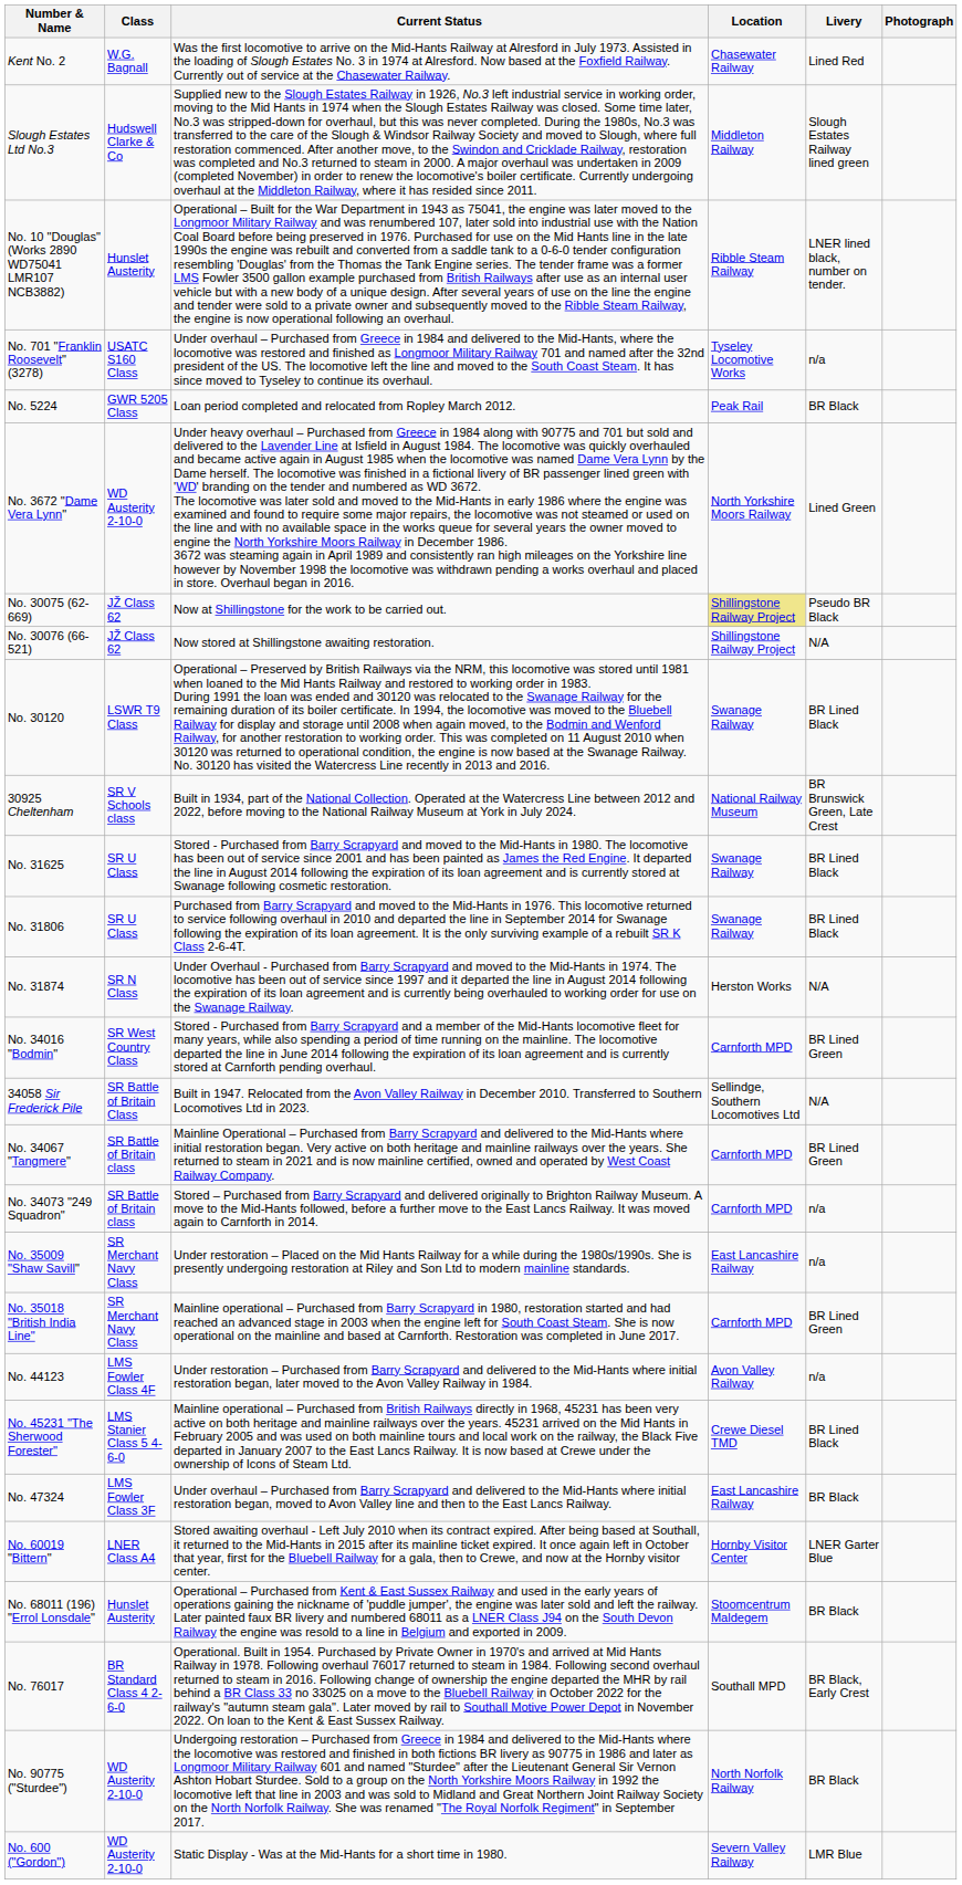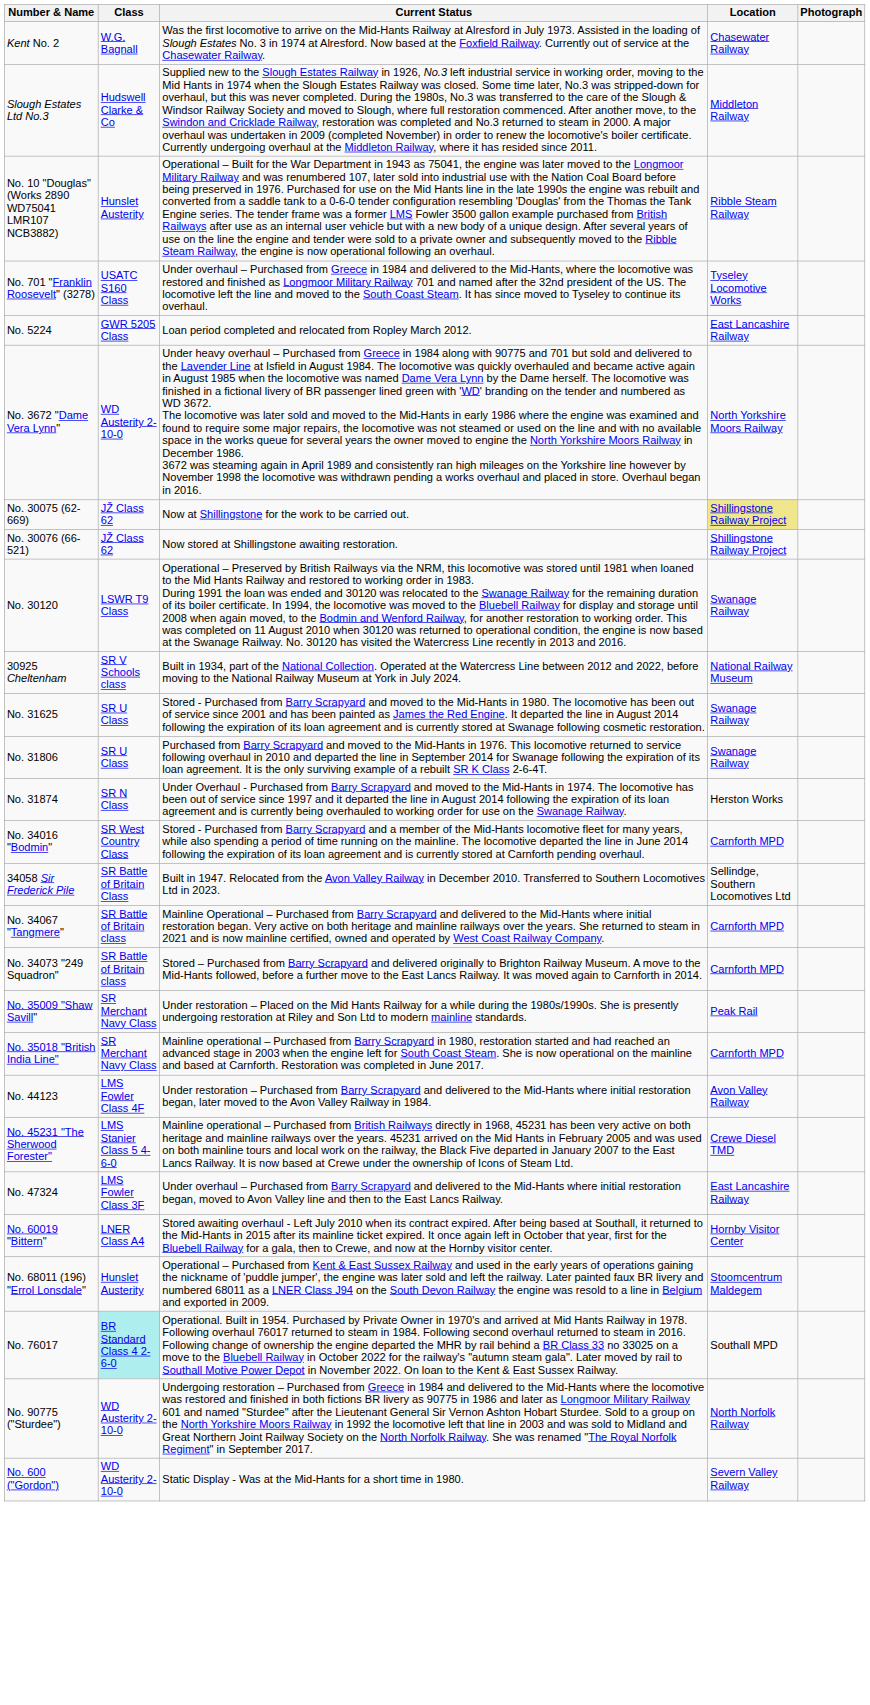 <table class="wikitable">
 <tr>
 <th>Number & Name</th>
 <th>Class</th>
 <th>Current Status</th>
 <th>Location</th>
-<th>Livery</th>
 <th>Photograph</th>
 </tr>
 <tr>
 <td><em>Kent</em> No. 2</td>
 <td><a href='#'>W.G. Bagnall</a> </td>
 <td>Was the first locomotive to arrive on the Mid-Hants Railway at Alresford in July 1973. Assisted in the loading of <em>Slough Estates</em> No. 3 in 1974 at Alresford. Now based at the <a href='#'>Foxfield Railway</a>. Currently out of service at the <a href='#'>Chasewater Railway</a>.</td>
 <td><a href='#'>Chasewater Railway</a></td>
-<td>Lined Red</td>
 <td></td>
 </tr>
 <tr>
 <td><em>Slough Estates Ltd No.3</em></td>
 <td><a href='#'>Hudswell Clarke & Co</a> </td>
 <td>Supplied new to the <a href='#'>Slough Estates Railway</a> in 1926, <em>No.3</em> left industrial service in working order, moving to the Mid Hants in 1974 when the Slough Estates Railway was closed. Some time later, No.3 was stripped-down for overhaul, but this was never completed. During the 1980s, No.3 was transferred to the care of the Slough & Windsor Railway Society and moved to Slough, where full restoration commenced. After another move, to the <a href='#'>Swindon and Cricklade Railway</a>, restoration was completed and No.3 returned to steam in 2000. A major overhaul was undertaken in 2009 (completed November) in order to renew the locomotive's boiler certificate. Currently undergoing overhaul at the <a href='#'>Middleton Railway</a>, where it has resided since 2011.</td>
 <td><a href='#'>Middleton Railway</a></td>
-<td>Slough Estates Railway lined green</td>
 <td></td>
 </tr>
 <tr>
 <td>No. 10 "Douglas" (Works 2890 WD75041 LMR107 NCB3882)</td>
 <td><a href='#'>Hunslet</a> <a href='#'>Austerity</a> </td>
 <td>Operational – Built for the War Department in 1943 as 75041, the engine was later moved to the <a href='#'>Longmoor Military Railway</a> and was renumbered 107, later sold into industrial use with the Nation Coal Board before being preserved in 1976. Purchased for use on the Mid Hants line in the late 1990s the engine was rebuilt and converted from a saddle tank to a 0-6-0 tender configuration resembling 'Douglas' from the Thomas the Tank Engine series. The tender frame was a former <a href='#'>LMS</a> Fowler 3500 gallon example purchased from <a href='#'>British Railways</a> after use as an internal user vehicle but with a new body of a unique design. After several years of use on the line the engine and tender were sold to a private owner and subsequently moved to the <a href='#'>Ribble Steam Railway</a>, the engine is now operational following an overhaul.</td>
 <td><a href='#'>Ribble Steam Railway</a></td>
-<td>LNER lined black, number on tender.</td>
 <td></td>
 </tr>
 <tr>
 <td>No. 701 "<a href='#'>Franklin Roosevelt</a>" (3278)</td>
 <td><a href='#'>USATC S160 Class</a> </td>
 <td>Under overhaul – Purchased from <a href='#'>Greece</a> in 1984 and delivered to the Mid-Hants, where the locomotive was restored and finished as <a href='#'>Longmoor Military Railway</a> 701 and named after the 32nd president of the US. The locomotive left the line and moved to the <a href='#'>South Coast Steam</a>. It has since moved to Tyseley to continue its overhaul.</td>
 <td><a href='#'>Tyseley Locomotive Works</a></td>
-<td>n/a</td>
 <td></td>
 </tr>
 <tr>
 <td>No. 5224</td>
 <td><a href='#'>GWR 5205 Class</a> </td>
 <td>Loan period completed and relocated from Ropley March 2012.</td>
-<td><a href='#'>Peak Rail</a></td>
-<td>BR Black</td>
+<td><a href='#'>East Lancashire Railway</a></td>
 <td></td>
 </tr>
 <tr>
 <td>No. 3672 "<a href='#'>Dame Vera Lynn</a>"</td>
 <td><a href='#'>WD Austerity 2-10-0</a></td>
 <td>Under heavy overhaul – Purchased from <a href='#'>Greece</a> in 1984 along with 90775 and 701 but sold and delivered to the <a href='#'>Lavender Line</a> at Isfield in August 1984. The locomotive was quickly overhauled and became active again in August 1985 when the locomotive was named <a href='#'>Dame Vera Lynn</a> by the Dame herself. The locomotive was finished in a fictional livery of BR passenger lined green with '<a href='#'>WD</a>' branding on the tender and numbered as WD 3672.<br>The locomotive was later sold and moved to the Mid-Hants in early 1986 where the engine was examined and found to require some major repairs, the locomotive was not steamed or used on the line and with no available space in the works queue for several years the owner moved to engine the <a href='#'>North Yorkshire Moors Railway</a> in December 1986.<br>3672 was steaming again in April 1989 and consistently ran high mileages on the Yorkshire line however by November 1998 the locomotive was withdrawn pending a works overhaul and placed in store. Overhaul began in 2016.</td>
 <td><a href='#'>North Yorkshire Moors Railway</a></td>
-<td>Lined Green</td>
 <td></td>
 </tr>
 <tr>
 <td>No. 30075 (62-669)</td>
 <td><a href='#'>JŽ Class 62</a> </td>
 <td>Now at <a href='#'>Shillingstone</a> for the work to be carried out.</td>
 <td style="background: khaki;"><a href='#'>Shillingstone Railway Project</a></td>
-<td>Pseudo BR Black</td>
 <td></td>
 </tr>
 <tr>
 <td>No. 30076 (66-521)</td>
 <td><a href='#'>JŽ Class 62</a> </td>
 <td>Now stored at Shillingstone awaiting restoration.</td>
 <td><a href='#'>Shillingstone Railway Project</a></td>
-<td>N/A</td>
 <td></td>
 </tr>
 <tr>
 <td>No. 30120</td>
 <td><a href='#'>LSWR T9 Class</a> </td>
 <td>Operational – Preserved by British Railways via the NRM, this locomotive was stored until 1981 when loaned to the Mid Hants Railway and restored to working order in 1983.<br>During 1991 the loan was ended and 30120 was relocated to the <a href='#'>Swanage Railway</a> for the remaining duration of its boiler certificate. In 1994, the locomotive was moved to the <a href='#'>Bluebell Railway</a> for display and storage until 2008 when again moved, to the <a href='#'>Bodmin and Wenford Railway</a>, for another restoration to working order. This was completed on 11 August 2010 when 30120 was returned to operational condition, the engine is now based at the Swanage Railway. No. 30120 has visited the Watercress Line recently in 2013 and 2016.  </td>
 <td><a href='#'>Swanage Railway</a></td>
-<td>BR Lined Black</td>
 <td></td>
 </tr>
 <tr>
 <td>30925 <em>Cheltenham</em></td>
 <td><a href='#'>SR V Schools class</a> </td>
 <td>Built in 1934, part of the <a href='#'>National Collection</a>. Operated at the Watercress Line between 2012 and 2022, before moving to the National Railway Museum at York in July 2024. </td>
 <td><a href='#'>National Railway Museum</a></td>
-<td>BR Brunswick Green, Late Crest</td>
 <td></td>
 </tr>
 <tr>
 <td>No. 31625</td>
 <td><a href='#'>SR U Class</a> </td>
 <td>Stored - Purchased from <a href='#'>Barry Scrapyard</a> and moved to the Mid-Hants in 1980. The locomotive has been out of service since 2001 and has been painted as <a href='#'>James the Red Engine</a>. It departed the line in August 2014 following the expiration of its loan agreement and is currently stored at Swanage following cosmetic restoration.</td>
 <td><a href='#'>Swanage Railway</a></td>
-<td>BR Lined Black</td>
 <td></td>
 </tr>
 <tr>
 <td>No. 31806</td>
 <td><a href='#'>SR U Class</a> </td>
 <td>Purchased from <a href='#'>Barry Scrapyard</a> and moved to the Mid-Hants in 1976. This locomotive returned to service following overhaul in 2010 and departed the line in September 2014 for Swanage following the expiration of its loan agreement. It is the only surviving example of a rebuilt <a href='#'>SR K Class</a> 2-6-4T.</td>
 <td><a href='#'>Swanage Railway</a></td>
-<td>BR Lined Black</td>
 <td></td>
 </tr>
 <tr>
 <td>No. 31874</td>
 <td><a href='#'>SR N Class</a> </td>
 <td>Under Overhaul - Purchased from <a href='#'>Barry Scrapyard</a> and moved to the Mid-Hants in 1974. The locomotive has been out of service since 1997 and it departed the line in August 2014 following the expiration of its loan agreement and is currently being overhauled to working order for use on the <a href='#'>Swanage Railway</a>.</td>
 <td>Herston Works</td>
-<td>N/A</td>
 <td></td>
 </tr>
 <tr>
 <td>No. 34016 "<a href='#'>Bodmin</a>"</td>
 <td><a href='#'>SR West Country Class</a> </td>
 <td>Stored - Purchased from <a href='#'>Barry Scrapyard</a> and a member of the Mid-Hants locomotive fleet for many years, while also spending a period of time running on the mainline. The locomotive departed the line in June 2014 following the expiration of its loan agreement and is currently stored at Carnforth pending overhaul.</td>
 <td><a href='#'>Carnforth MPD</a></td>
-<td>BR Lined Green</td>
 <td></td>
 </tr>
 <tr>
 <td>34058 <em><a href='#'>Sir Frederick Pile</a></em></td>
 <td><a href='#'>SR Battle of Britain Class</a> </td>
 <td>Built in 1947. Relocated from the <a href='#'>Avon Valley Railway</a> in December 2010. Transferred to Southern Locomotives Ltd in 2023. </td>
 <td>Sellindge, Southern Locomotives Ltd</td>
-<td>N/A</td>
 <td></td>
 </tr>
 <tr>
 <td>No. 34067 "<a href='#'>Tangmere</a>"</td>
 <td><a href='#'>SR Battle of Britain class</a> </td>
 <td>Mainline Operational – Purchased from <a href='#'>Barry Scrapyard</a> and delivered to the Mid-Hants where initial restoration began. Very active on both heritage and mainline railways over the years. She returned to steam in 2021 and is now mainline certified, owned and operated by <a href='#'>West Coast Railway Company</a>.</td>
 <td><a href='#'>Carnforth MPD</a></td>
-<td>BR Lined Green</td>
 <td></td>
 </tr>
 <tr>
 <td>No. 34073 "249 Squadron"</td>
 <td><a href='#'>SR Battle of Britain class</a> </td>
 <td>Stored – Purchased from <a href='#'>Barry Scrapyard</a> and delivered originally to Brighton Railway Museum. A move to the Mid-Hants followed, before a further move to the East Lancs Railway. It was moved again to Carnforth in 2014.</td>
 <td><a href='#'>Carnforth MPD</a></td>
-<td>n/a</td>
 <td></td>
 </tr>
 <tr>
 <td><a href='#'>No. 35009 "Shaw Savill</a>"</td>
 <td><a href='#'>SR Merchant Navy Class</a> </td>
 <td>Under restoration – Placed on the Mid Hants Railway for a while during the 1980s/1990s. She is presently undergoing restoration at Riley and Son Ltd to modern <a href='#'>mainline</a> standards.</td>
-<td><a href='#'>East Lancashire Railway</a></td>
-<td>n/a</td>
+<td><a href='#'>Peak Rail</a></td>
 <td></td>
 </tr>
 <tr>
 <td><a href='#'>No. 35018 "British India Line"</a></td>
 <td><a href='#'>SR Merchant Navy Class</a> </td>
 <td>Mainline operational – Purchased from <a href='#'>Barry Scrapyard</a> in 1980, restoration started and had reached an advanced stage in 2003 when the engine left for <a href='#'>South Coast Steam</a>. She is now operational on the mainline and based at Carnforth. Restoration was completed in June 2017.</td>
 <td><a href='#'>Carnforth MPD</a></td>
-<td>BR Lined Green</td>
 <td></td>
 </tr>
 <tr>
 <td>No. 44123</td>
 <td><a href='#'>LMS Fowler Class 4F</a> </td>
 <td>Under restoration – Purchased from <a href='#'>Barry Scrapyard</a> and delivered to the Mid-Hants where initial restoration began, later moved to the Avon Valley Railway in 1984.</td>
 <td><a href='#'>Avon Valley Railway</a></td>
-<td>n/a</td>
 <td></td>
 </tr>
 <tr>
 <td><a href='#'>No. 45231 "The Sherwood Forester"</a></td>
 <td><a href='#'>LMS Stanier Class 5 4-6-0</a> </td>
 <td>Mainline operational – Purchased from <a href='#'>British Railways</a> directly in 1968, 45231 has been very active on both heritage and mainline railways over the years. 45231 arrived on the Mid Hants in February 2005 and was used on both mainline tours and local work on the railway, the Black Five departed in January 2007 to the East Lancs Railway. It is now based at Crewe under the ownership of Icons of Steam Ltd.</td>
 <td><a href='#'>Crewe Diesel TMD</a></td>
-<td>BR Lined Black</td>
 <td></td>
 </tr>
 <tr>
 <td>No. 47324</td>
 <td><a href='#'>LMS Fowler Class 3F</a> </td>
 <td>Under overhaul – Purchased from <a href='#'>Barry Scrapyard</a> and delivered to the Mid-Hants where initial restoration began, moved to Avon Valley line and then to the East Lancs Railway.</td>
 <td><a href='#'>East Lancashire Railway</a></td>
-<td>BR Black</td>
 <td></td>
 </tr>
 <tr>
 <td><a href='#'>No. 60019</a> "<a href='#'>Bittern</a>"</td>
 <td><a href='#'>LNER Class A4</a> </td>
 <td>Stored awaiting overhaul - Left July 2010 when its contract expired. After being based at Southall, it returned to the Mid-Hants in 2015 after its mainline ticket expired. It once again left in October that year, first for the <a href='#'>Bluebell Railway</a> for a gala, then to Crewe, and now at the Hornby visitor center.</td>
 <td><a href='#'>Hornby Visitor Center</a></td>
-<td>LNER Garter Blue</td>
 <td></td>
 </tr>
 <tr>
 <td>No. 68011 (196) "<a href='#'>Errol Lonsdale</a>"</td>
 <td><a href='#'>Hunslet</a> <a href='#'>Austerity</a> </td>
 <td>Operational – Purchased from <a href='#'>Kent & East Sussex Railway</a> and used in the early years of operations gaining the nickname of 'puddle jumper', the engine was later sold and left the railway. Later painted faux BR livery and numbered 68011 as a <a href='#'>LNER Class J94</a> on the <a href='#'>South Devon Railway</a> the engine was resold to a line in <a href='#'>Belgium</a> and exported in 2009.</td>
 <td><a href='#'>Stoomcentrum Maldegem</a></td>
-<td>BR Black</td>
 <td></td>
 </tr>
 <tr>
 <td>No. 76017</td>
-<td><a href='#'>BR Standard Class 4 2-6-0</a></td>
+<td style="background: paleturquoise;"><a href='#'>BR Standard Class 4 2-6-0</a></td>
 <td>Operational. Built in 1954. Purchased by Private Owner in 1970's and arrived at Mid Hants Railway in 1978. Following overhaul 76017 returned to steam in 1984. Following second overhaul returned to steam in 2016. Following change of ownership the engine departed the MHR by rail behind a <a href='#'>BR Class 33</a> no 33025 on a move to the <a href='#'>Bluebell Railway</a> in October 2022 for the railway's "autumn steam gala". Later moved by rail to <a href='#'>Southall Motive Power Depot</a> in November 2022. On loan to the Kent & East Sussex Railway.</td>
 <td>Southall MPD</td>
-<td>BR Black, Early Crest</td>
 <td></td>
 </tr>
 <tr>
 <td>No. 90775 ("Sturdee")</td>
 <td><a href='#'>WD Austerity 2-10-0</a></td>
 <td>Undergoing restoration – Purchased from <a href='#'>Greece</a> in 1984 and delivered to the Mid-Hants where the locomotive was restored and finished in both fictions BR livery as 90775 in 1986 and later as <a href='#'>Longmoor Military Railway</a> 601 and named "Sturdee" after the Lieutenant General Sir Vernon Ashton Hobart Sturdee. Sold to a group on the <a href='#'>North Yorkshire Moors Railway</a> in 1992 the locomotive left that line in 2003 and was sold to Midland and Great Northern Joint Railway Society on the <a href='#'>North Norfolk Railway</a>. She was renamed "<a href='#'>The Royal Norfolk Regiment</a>" in September 2017.</td>
 <td><a href='#'>North Norfolk Railway</a></td>
-<td>BR Black</td>
 <td></td>
 </tr>
 <tr>
 <td><a href='#'>No. 600 ("Gordon")</a></td>
 <td><a href='#'>WD Austerity 2-10-0</a></td>
 <td>Static Display - Was at the Mid-Hants for a short time in 1980.</td>
 <td><a href='#'>Severn Valley Railway</a></td>
-<td>LMR Blue</td>
 <td></td>
 </tr>
 </table>
